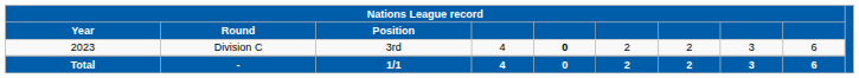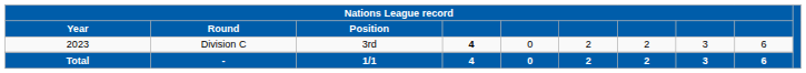 <table class="wikitable" style="width:90%; font-size:90%; text-align:center;">
 <tr style="color:white;">
 <th style="background:#005DAA;" colspan=9>Nations League record</th>
 <th style="width:1%; background:#005DAA;" rowspan="20"></th>
 </tr>
 <tr style="color:white;">
 <th style="width:60px; background:#005DAA;">Year</th>
 <th style="width:60px; background:#005DAA;">Round</th>
 <th style="width:60px; background:#005DAA;">Position</th>
 <th style="width:20px; background:#005DAA;"></th>
 <th style="width:20px; background:#005DAA;"></th>
 <th style="width:20px; background:#005DAA;"></th>
 <th style="width:20px; background:#005DAA;"></th>
 <th style="width:20px; background:#005DAA;"></th>
 <th style="width:20px; background:#005DAA;"></th>
 </tr>
 <tr>
 <td> 2023</td>
 <td>Division C</td>
 <td>3rd</td>
-<td>4</td>
-<td><strong>0</strong></td>
+<td><strong>4</strong></td>
+<td>0</td>
 <td>2</td>
 <td>2</td>
 <td>3</td>
 <td>6</td>
 </tr>
 <tr>
 </tr>
 <tr style="color:white;">
 <th style="background:#005DAA;">Total</th>
 <th style="background:#005DAA;">-</th>
 <th style="background:#005DAA;">1/1</th>
 <th style="background:#005DAA;">4</th>
 <th style="background:#005DAA;">0</th>
 <th style="background:#005DAA;">2</th>
 <th style="background:#005DAA;">2</th>
 <th style="background:#005DAA;">3</th>
 <th style="background:#005DAA;">6</th>
 </tr>
 </table>
